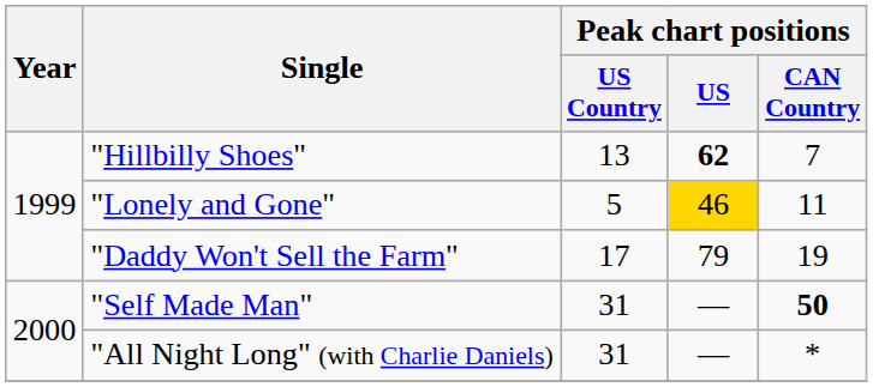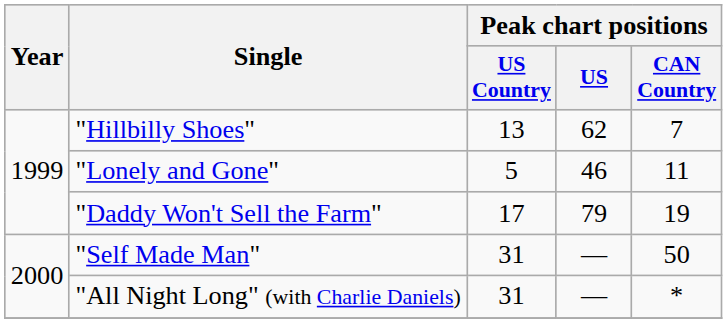 <table class="wikitable" style="text-align:center;">
 <tr>
 <th rowspan="2">Year</th>
 <th rowspan="2">Single</th>
 <th colspan="3">Peak chart positions</th>
 </tr>
 <tr style="font-size:smaller;">
 <th width="40"><a href='#'>US Country</a></th>
 <th width="40"><a href='#'>US</a></th>
 <th width="40"><a href='#'>CAN Country</a></th>
 </tr>
 <tr>
 <td rowspan="3">1999</td>
 <td align="left">"<a href='#'>Hillbilly Shoes</a>"</td>
 <td>13</td>
-<td><strong>62</strong></td>
+<td>62</td>
 <td>7</td>
 </tr>
 <tr>
 <td align="left">"<a href='#'>Lonely and Gone</a>"</td>
 <td>5</td>
-<td style="background: gold;">46</td>
+<td>46</td>
 <td>11</td>
 </tr>
 <tr>
 <td align="left">"<a href='#'>Daddy Won't Sell the Farm</a>"</td>
 <td>17</td>
 <td>79</td>
 <td>19</td>
 </tr>
 <tr>
 <td rowspan="2">2000</td>
 <td align="left">"<a href='#'>Self Made Man</a>"</td>
 <td>31</td>
 <td>—</td>
-<td><strong>50</strong></td>
+<td>50</td>
 </tr>
 <tr>
 <td align="left">"All Night Long" <small>(with <a href='#'>Charlie Daniels</a>)</small></td>
 <td>31</td>
 <td>—</td>
 <td>*</td>
 </tr>
 <tr>
 </tr>
 </table>
